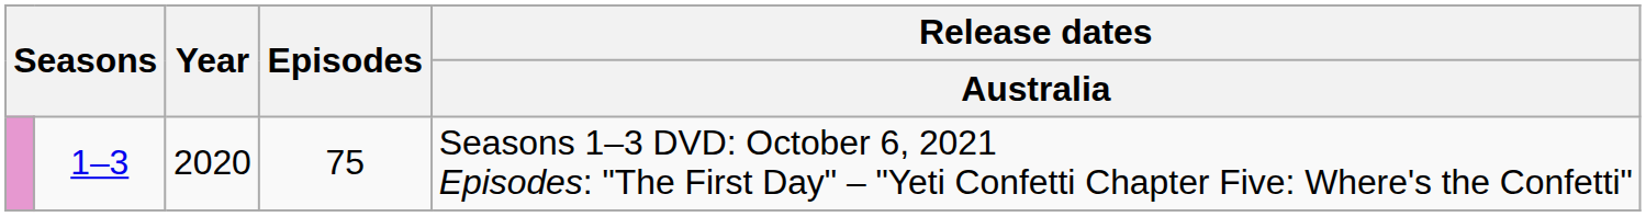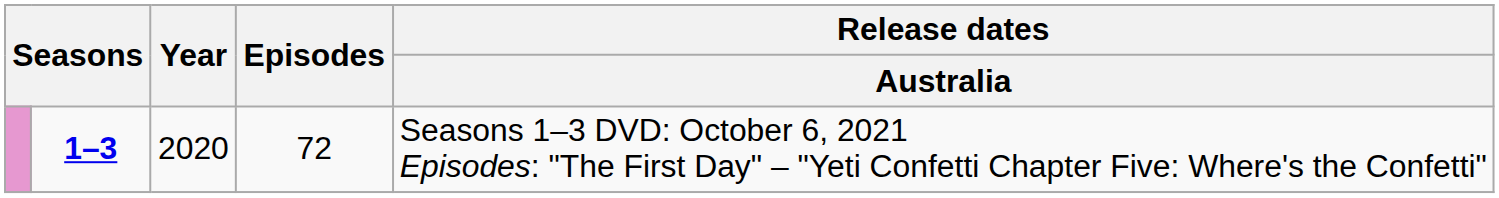 <table class="wikitable">
 <tr>
 <th colspan=2 rowspan=2>Seasons</th>
 <th rowspan=2>Year</th>
 <th rowspan=2>Episodes</th>
 <th colspan=1>Release dates</th>
 </tr>
 <tr>
 <th>Australia</th>
 </tr>
 <tr>
 <td style="background:#E698D0"></td>
-<td style="text-align: center"><a href='#'>1–3</a></td>
+<td style="text-align: center"><strong><a href='#'>1–3</a></strong></td>
 <td style="text-align: center">2020</td>
-<td style="text-align: center">75</td>
+<td style="text-align: center">72</td>
 <td>Seasons 1–3 DVD: October 6, 2021<br><em>Episodes</em>: "The First Day" – "Yeti Confetti Chapter Five: Where's the Confetti"</td>
 </tr>
 </table>
